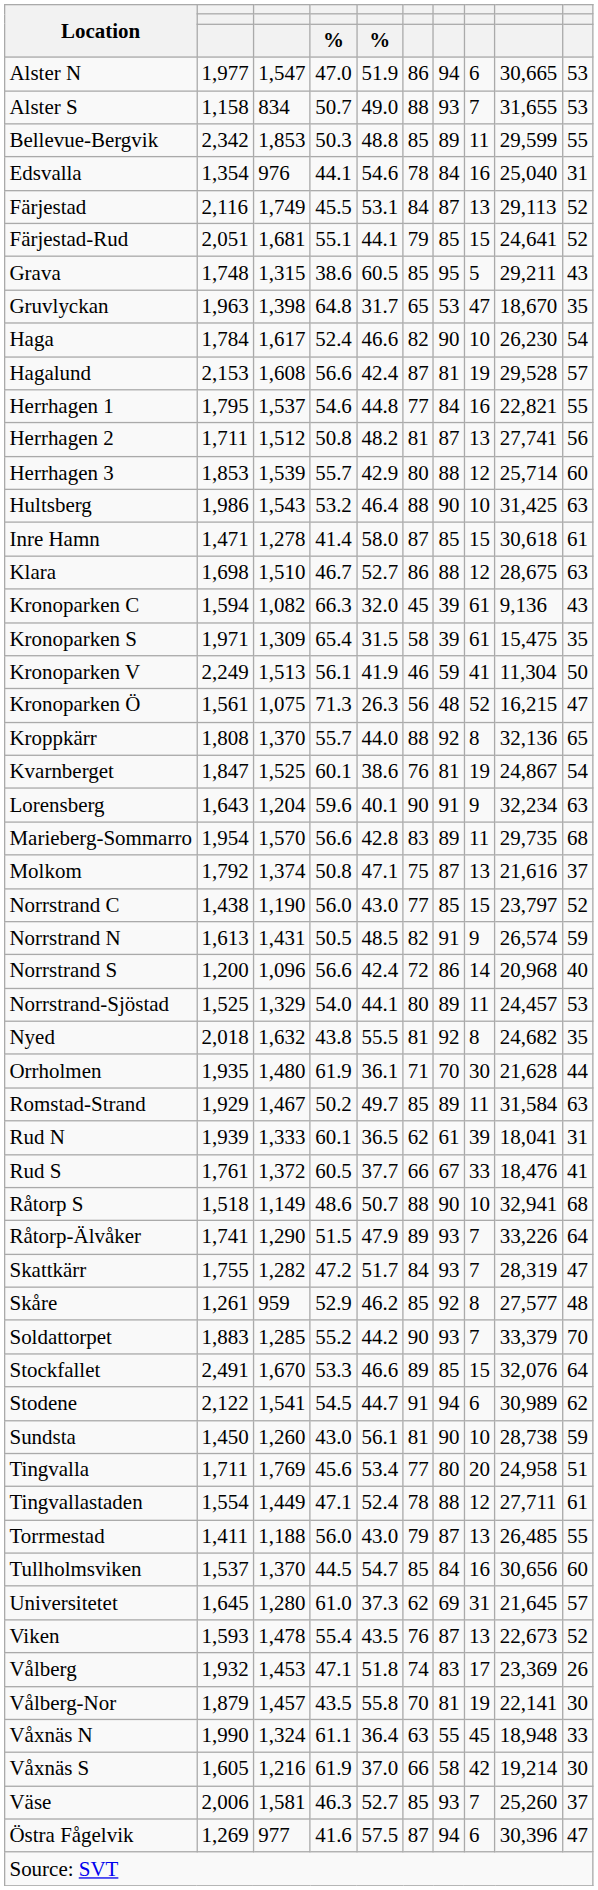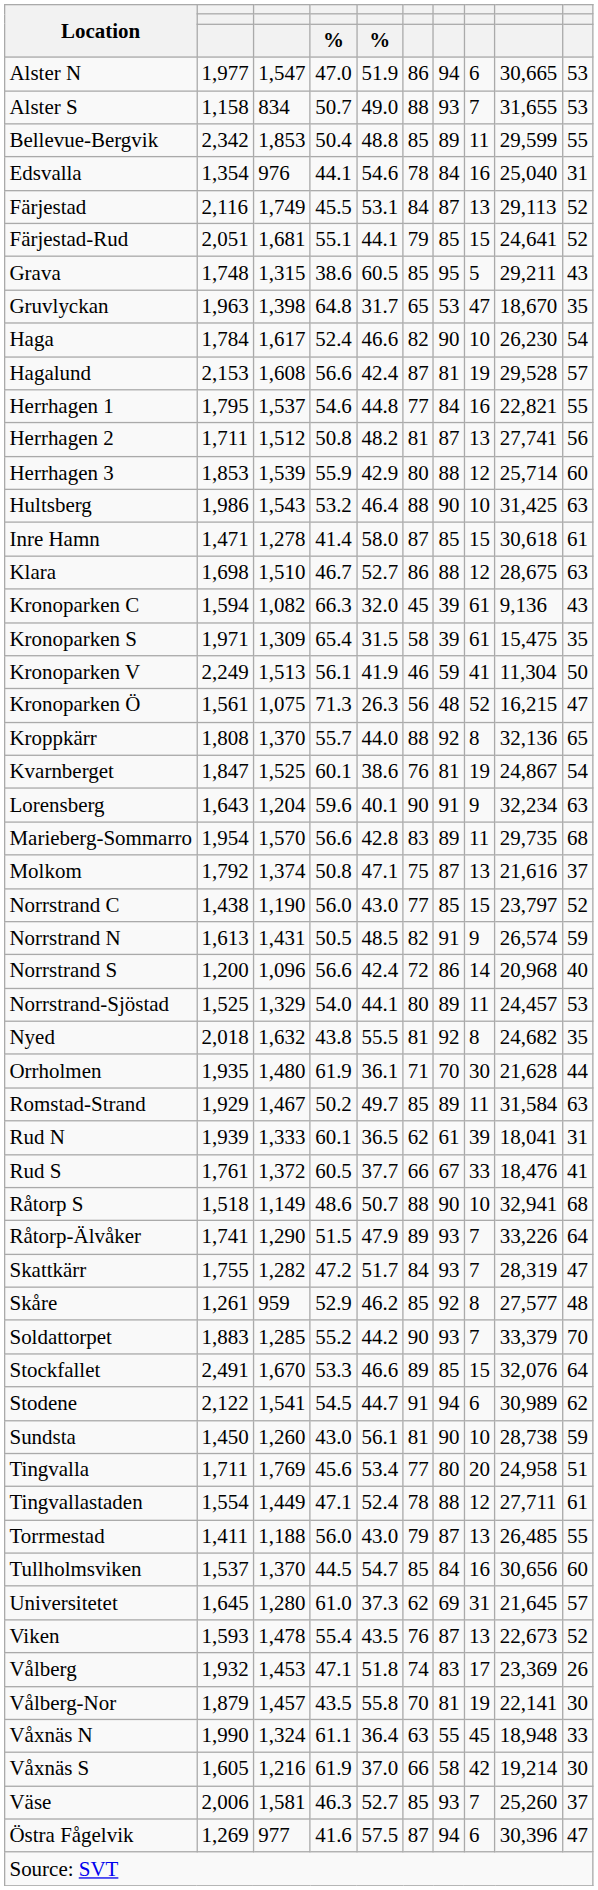 <table role="presentation" class="wikitable sortable mw-collapsible mw-collapsed">
 <tr>
 <th rowspan="3">Location</th>
 <th></th>
 <th></th>
 <th></th>
 <th></th>
 <th></th>
 <th></th>
 <th></th>
 <th></th>
 <th></th>
 </tr>
 <tr>
 <th></th>
 <th></th>
 <th style="background:"></th>
 <th style="background:"></th>
 <th></th>
 <th></th>
 <th></th>
 <th></th>
 <th></th>
 </tr>
 <tr>
 <th data-sort-type="number"></th>
 <th data-sort-type="number"></th>
 <th data-sort-type="number">%</th>
 <th data-sort-type="number">%</th>
 <th data-sort-type="number"></th>
 <th data-sort-type="number"></th>
 <th data-sort-type="number"></th>
 <th data-sort-type="number"></th>
 <th data-sort-type="number"></th>
 </tr>
 <tr>
 <td align="left">Alster N</td>
 <td>1,977</td>
 <td>1,547</td>
 <td>47.0</td>
 <td>51.9</td>
 <td>86</td>
 <td>94</td>
 <td>6</td>
 <td>30,665</td>
 <td>53</td>
 </tr>
 <tr>
 <td align="left">Alster S</td>
 <td>1,158</td>
 <td>834</td>
 <td>50.7</td>
 <td>49.0</td>
 <td>88</td>
 <td>93</td>
 <td>7</td>
 <td>31,655</td>
 <td>53</td>
 </tr>
 <tr>
 <td align="left">Bellevue-Bergvik</td>
 <td>2,342</td>
 <td>1,853</td>
-<td>50.3</td>
+<td>50.4</td>
 <td>48.8</td>
 <td>85</td>
 <td>89</td>
 <td>11</td>
 <td>29,599</td>
 <td>55</td>
 </tr>
 <tr>
 <td align="left">Edsvalla</td>
 <td>1,354</td>
 <td>976</td>
 <td>44.1</td>
 <td>54.6</td>
 <td>78</td>
 <td>84</td>
 <td>16</td>
 <td>25,040</td>
 <td>31</td>
 </tr>
 <tr>
 <td align="left">Färjestad</td>
 <td>2,116</td>
 <td>1,749</td>
 <td>45.5</td>
 <td>53.1</td>
 <td>84</td>
 <td>87</td>
 <td>13</td>
 <td>29,113</td>
 <td>52</td>
 </tr>
 <tr>
 <td align="left">Färjestad-Rud</td>
 <td>2,051</td>
 <td>1,681</td>
 <td>55.1</td>
 <td>44.1</td>
 <td>79</td>
 <td>85</td>
 <td>15</td>
 <td>24,641</td>
 <td>52</td>
 </tr>
 <tr>
 <td align="left">Grava</td>
 <td>1,748</td>
 <td>1,315</td>
 <td>38.6</td>
 <td>60.5</td>
 <td>85</td>
 <td>95</td>
 <td>5</td>
 <td>29,211</td>
 <td>43</td>
 </tr>
 <tr>
 <td align="left">Gruvlyckan</td>
 <td>1,963</td>
 <td>1,398</td>
 <td>64.8</td>
 <td>31.7</td>
 <td>65</td>
 <td>53</td>
 <td>47</td>
 <td>18,670</td>
 <td>35</td>
 </tr>
 <tr>
 <td align="left">Haga</td>
 <td>1,784</td>
 <td>1,617</td>
 <td>52.4</td>
 <td>46.6</td>
 <td>82</td>
 <td>90</td>
 <td>10</td>
 <td>26,230</td>
 <td>54</td>
 </tr>
 <tr>
 <td align="left">Hagalund</td>
 <td>2,153</td>
 <td>1,608</td>
 <td>56.6</td>
 <td>42.4</td>
 <td>87</td>
 <td>81</td>
 <td>19</td>
 <td>29,528</td>
 <td>57</td>
 </tr>
 <tr>
 <td align="left">Herrhagen 1</td>
 <td>1,795</td>
 <td>1,537</td>
 <td>54.6</td>
 <td>44.8</td>
 <td>77</td>
 <td>84</td>
 <td>16</td>
 <td>22,821</td>
 <td>55</td>
 </tr>
 <tr>
 <td align="left">Herrhagen 2</td>
 <td>1,711</td>
 <td>1,512</td>
 <td>50.8</td>
 <td>48.2</td>
 <td>81</td>
 <td>87</td>
 <td>13</td>
 <td>27,741</td>
 <td>56</td>
 </tr>
 <tr>
 <td align="left">Herrhagen 3</td>
 <td>1,853</td>
 <td>1,539</td>
-<td>55.7</td>
+<td>55.9</td>
 <td>42.9</td>
 <td>80</td>
 <td>88</td>
 <td>12</td>
 <td>25,714</td>
 <td>60</td>
 </tr>
 <tr>
 <td align="left">Hultsberg</td>
 <td>1,986</td>
 <td>1,543</td>
 <td>53.2</td>
 <td>46.4</td>
 <td>88</td>
 <td>90</td>
 <td>10</td>
 <td>31,425</td>
 <td>63</td>
 </tr>
 <tr>
 <td align="left">Inre Hamn</td>
 <td>1,471</td>
 <td>1,278</td>
 <td>41.4</td>
 <td>58.0</td>
 <td>87</td>
 <td>85</td>
 <td>15</td>
 <td>30,618</td>
 <td>61</td>
 </tr>
 <tr>
 <td align="left">Klara</td>
 <td>1,698</td>
 <td>1,510</td>
 <td>46.7</td>
 <td>52.7</td>
 <td>86</td>
 <td>88</td>
 <td>12</td>
 <td>28,675</td>
 <td>63</td>
 </tr>
 <tr>
 <td align="left">Kronoparken C</td>
 <td>1,594</td>
 <td>1,082</td>
 <td>66.3</td>
 <td>32.0</td>
 <td>45</td>
 <td>39</td>
 <td>61</td>
 <td>9,136</td>
 <td>43</td>
 </tr>
 <tr>
 <td align="left">Kronoparken S</td>
 <td>1,971</td>
 <td>1,309</td>
 <td>65.4</td>
 <td>31.5</td>
 <td>58</td>
 <td>39</td>
 <td>61</td>
 <td>15,475</td>
 <td>35</td>
 </tr>
 <tr>
 <td align="left">Kronoparken V</td>
 <td>2,249</td>
 <td>1,513</td>
 <td>56.1</td>
 <td>41.9</td>
 <td>46</td>
 <td>59</td>
 <td>41</td>
 <td>11,304</td>
 <td>50</td>
 </tr>
 <tr>
 <td align="left">Kronoparken Ö</td>
 <td>1,561</td>
 <td>1,075</td>
 <td>71.3</td>
 <td>26.3</td>
 <td>56</td>
 <td>48</td>
 <td>52</td>
 <td>16,215</td>
 <td>47</td>
 </tr>
 <tr>
 <td align="left">Kroppkärr</td>
 <td>1,808</td>
 <td>1,370</td>
 <td>55.7</td>
 <td>44.0</td>
 <td>88</td>
 <td>92</td>
 <td>8</td>
 <td>32,136</td>
 <td>65</td>
 </tr>
 <tr>
 <td align="left">Kvarnberget</td>
 <td>1,847</td>
 <td>1,525</td>
 <td>60.1</td>
 <td>38.6</td>
 <td>76</td>
 <td>81</td>
 <td>19</td>
 <td>24,867</td>
 <td>54</td>
 </tr>
 <tr>
 <td align="left">Lorensberg</td>
 <td>1,643</td>
 <td>1,204</td>
 <td>59.6</td>
 <td>40.1</td>
 <td>90</td>
 <td>91</td>
 <td>9</td>
 <td>32,234</td>
 <td>63</td>
 </tr>
 <tr>
 <td align="left">Marieberg-Sommarro</td>
 <td>1,954</td>
 <td>1,570</td>
 <td>56.6</td>
 <td>42.8</td>
 <td>83</td>
 <td>89</td>
 <td>11</td>
 <td>29,735</td>
 <td>68</td>
 </tr>
 <tr>
 <td align="left">Molkom</td>
 <td>1,792</td>
 <td>1,374</td>
 <td>50.8</td>
 <td>47.1</td>
 <td>75</td>
 <td>87</td>
 <td>13</td>
 <td>21,616</td>
 <td>37</td>
 </tr>
 <tr>
 <td align="left">Norrstrand C</td>
 <td>1,438</td>
 <td>1,190</td>
 <td>56.0</td>
 <td>43.0</td>
 <td>77</td>
 <td>85</td>
 <td>15</td>
 <td>23,797</td>
 <td>52</td>
 </tr>
 <tr>
 <td align="left">Norrstrand N</td>
 <td>1,613</td>
 <td>1,431</td>
 <td>50.5</td>
 <td>48.5</td>
 <td>82</td>
 <td>91</td>
 <td>9</td>
 <td>26,574</td>
 <td>59</td>
 </tr>
 <tr>
 <td align="left">Norrstrand S</td>
 <td>1,200</td>
 <td>1,096</td>
 <td>56.6</td>
 <td>42.4</td>
 <td>72</td>
 <td>86</td>
 <td>14</td>
 <td>20,968</td>
 <td>40</td>
 </tr>
 <tr>
 <td align="left">Norrstrand-Sjöstad</td>
 <td>1,525</td>
 <td>1,329</td>
 <td>54.0</td>
 <td>44.1</td>
 <td>80</td>
 <td>89</td>
 <td>11</td>
 <td>24,457</td>
 <td>53</td>
 </tr>
 <tr>
 <td align="left">Nyed</td>
 <td>2,018</td>
 <td>1,632</td>
 <td>43.8</td>
 <td>55.5</td>
 <td>81</td>
 <td>92</td>
 <td>8</td>
 <td>24,682</td>
 <td>35</td>
 </tr>
 <tr>
 <td align="left">Orrholmen</td>
 <td>1,935</td>
 <td>1,480</td>
 <td>61.9</td>
 <td>36.1</td>
 <td>71</td>
 <td>70</td>
 <td>30</td>
 <td>21,628</td>
 <td>44</td>
 </tr>
 <tr>
 <td align="left">Romstad-Strand</td>
 <td>1,929</td>
 <td>1,467</td>
 <td>50.2</td>
 <td>49.7</td>
 <td>85</td>
 <td>89</td>
 <td>11</td>
 <td>31,584</td>
 <td>63</td>
 </tr>
 <tr>
 <td align="left">Rud N</td>
 <td>1,939</td>
 <td>1,333</td>
 <td>60.1</td>
 <td>36.5</td>
 <td>62</td>
 <td>61</td>
 <td>39</td>
 <td>18,041</td>
 <td>31</td>
 </tr>
 <tr>
 <td align="left">Rud S</td>
 <td>1,761</td>
 <td>1,372</td>
 <td>60.5</td>
 <td>37.7</td>
 <td>66</td>
 <td>67</td>
 <td>33</td>
 <td>18,476</td>
 <td>41</td>
 </tr>
 <tr>
 <td align="left">Råtorp S</td>
 <td>1,518</td>
 <td>1,149</td>
 <td>48.6</td>
 <td>50.7</td>
 <td>88</td>
 <td>90</td>
 <td>10</td>
 <td>32,941</td>
 <td>68</td>
 </tr>
 <tr>
 <td align="left">Råtorp-Älvåker</td>
 <td>1,741</td>
 <td>1,290</td>
 <td>51.5</td>
 <td>47.9</td>
 <td>89</td>
 <td>93</td>
 <td>7</td>
 <td>33,226</td>
 <td>64</td>
 </tr>
 <tr>
 <td align="left">Skattkärr</td>
 <td>1,755</td>
 <td>1,282</td>
 <td>47.2</td>
 <td>51.7</td>
 <td>84</td>
 <td>93</td>
 <td>7</td>
 <td>28,319</td>
 <td>47</td>
 </tr>
 <tr>
 <td align="left">Skåre</td>
 <td>1,261</td>
 <td>959</td>
 <td>52.9</td>
 <td>46.2</td>
 <td>85</td>
 <td>92</td>
 <td>8</td>
 <td>27,577</td>
 <td>48</td>
 </tr>
 <tr>
 <td align="left">Soldattorpet</td>
 <td>1,883</td>
 <td>1,285</td>
 <td>55.2</td>
 <td>44.2</td>
 <td>90</td>
 <td>93</td>
 <td>7</td>
 <td>33,379</td>
 <td>70</td>
 </tr>
 <tr>
 <td align="left">Stockfallet</td>
 <td>2,491</td>
 <td>1,670</td>
 <td>53.3</td>
 <td>46.6</td>
 <td>89</td>
 <td>85</td>
 <td>15</td>
 <td>32,076</td>
 <td>64</td>
 </tr>
 <tr>
 <td align="left">Stodene</td>
 <td>2,122</td>
 <td>1,541</td>
 <td>54.5</td>
 <td>44.7</td>
 <td>91</td>
 <td>94</td>
 <td>6</td>
 <td>30,989</td>
 <td>62</td>
 </tr>
 <tr>
 <td align="left">Sundsta</td>
 <td>1,450</td>
 <td>1,260</td>
 <td>43.0</td>
 <td>56.1</td>
 <td>81</td>
 <td>90</td>
 <td>10</td>
 <td>28,738</td>
 <td>59</td>
 </tr>
 <tr>
 <td align="left">Tingvalla</td>
 <td>1,711</td>
 <td>1,769</td>
 <td>45.6</td>
 <td>53.4</td>
 <td>77</td>
 <td>80</td>
 <td>20</td>
 <td>24,958</td>
 <td>51</td>
 </tr>
 <tr>
 <td align="left">Tingvallastaden</td>
 <td>1,554</td>
 <td>1,449</td>
 <td>47.1</td>
 <td>52.4</td>
 <td>78</td>
 <td>88</td>
 <td>12</td>
 <td>27,711</td>
 <td>61</td>
 </tr>
 <tr>
 <td align="left">Torrmestad</td>
 <td>1,411</td>
 <td>1,188</td>
 <td>56.0</td>
 <td>43.0</td>
 <td>79</td>
 <td>87</td>
 <td>13</td>
 <td>26,485</td>
 <td>55</td>
 </tr>
 <tr>
 <td align="left">Tullholmsviken</td>
 <td>1,537</td>
 <td>1,370</td>
 <td>44.5</td>
 <td>54.7</td>
 <td>85</td>
 <td>84</td>
 <td>16</td>
 <td>30,656</td>
 <td>60</td>
 </tr>
 <tr>
 <td align="left">Universitetet</td>
 <td>1,645</td>
 <td>1,280</td>
 <td>61.0</td>
 <td>37.3</td>
 <td>62</td>
 <td>69</td>
 <td>31</td>
 <td>21,645</td>
 <td>57</td>
 </tr>
 <tr>
 <td align="left">Viken</td>
 <td>1,593</td>
 <td>1,478</td>
 <td>55.4</td>
 <td>43.5</td>
 <td>76</td>
 <td>87</td>
 <td>13</td>
 <td>22,673</td>
 <td>52</td>
 </tr>
 <tr>
 <td align="left">Vålberg</td>
 <td>1,932</td>
 <td>1,453</td>
 <td>47.1</td>
 <td>51.8</td>
 <td>74</td>
 <td>83</td>
 <td>17</td>
 <td>23,369</td>
 <td>26</td>
 </tr>
 <tr>
 <td align="left">Vålberg-Nor</td>
 <td>1,879</td>
 <td>1,457</td>
 <td>43.5</td>
 <td>55.8</td>
 <td>70</td>
 <td>81</td>
 <td>19</td>
 <td>22,141</td>
 <td>30</td>
 </tr>
 <tr>
 <td align="left">Våxnäs N</td>
 <td>1,990</td>
 <td>1,324</td>
 <td>61.1</td>
 <td>36.4</td>
 <td>63</td>
 <td>55</td>
 <td>45</td>
 <td>18,948</td>
 <td>33</td>
 </tr>
 <tr>
 <td align="left">Våxnäs S</td>
 <td>1,605</td>
 <td>1,216</td>
 <td>61.9</td>
 <td>37.0</td>
 <td>66</td>
 <td>58</td>
 <td>42</td>
 <td>19,214</td>
 <td>30</td>
 </tr>
 <tr>
 <td align="left">Väse</td>
 <td>2,006</td>
 <td>1,581</td>
 <td>46.3</td>
 <td>52.7</td>
 <td>85</td>
 <td>93</td>
 <td>7</td>
 <td>25,260</td>
 <td>37</td>
 </tr>
 <tr>
 <td align="left">Östra Fågelvik</td>
 <td>1,269</td>
 <td>977</td>
 <td>41.6</td>
 <td>57.5</td>
 <td>87</td>
 <td>94</td>
 <td>6</td>
 <td>30,396</td>
 <td>47</td>
 </tr>
 <tr>
 <td colspan="10" align="left">Source: <a href='#'>SVT</a></td>
 </tr>
 </table>
